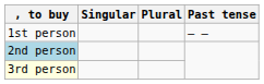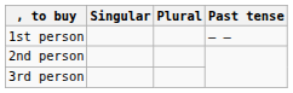 <table class="wikitable">
 <tr>
 <th>, to buy</th>
 <th>Singular</th>
 <th>Plural</th>
 <th>Past tense</th>
 </tr>
 <tr>
 <td>1st person</td>
 <td></td>
 <td></td>
 <td> –  – </td>
 </tr>
 <tr>
-<td style="background: lightblue;">2nd person</td>
+<td>2nd person</td>
 <td></td>
 <td></td>
 </tr>
 <tr>
-<td style="background: lightyellow;">3rd person</td>
+<td>3rd person</td>
 <td></td>
 <td></td>
 </tr>
 </table>
